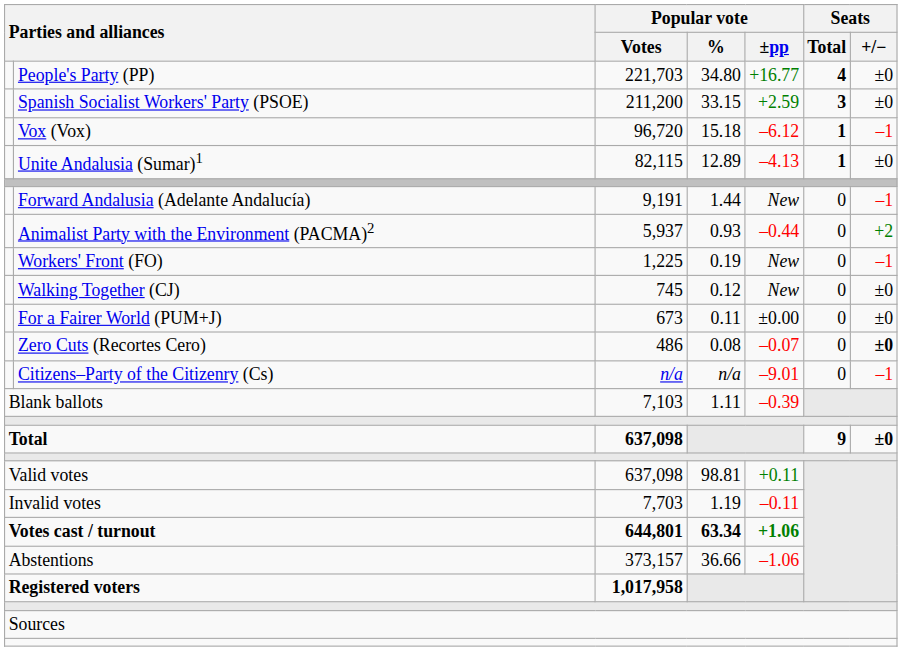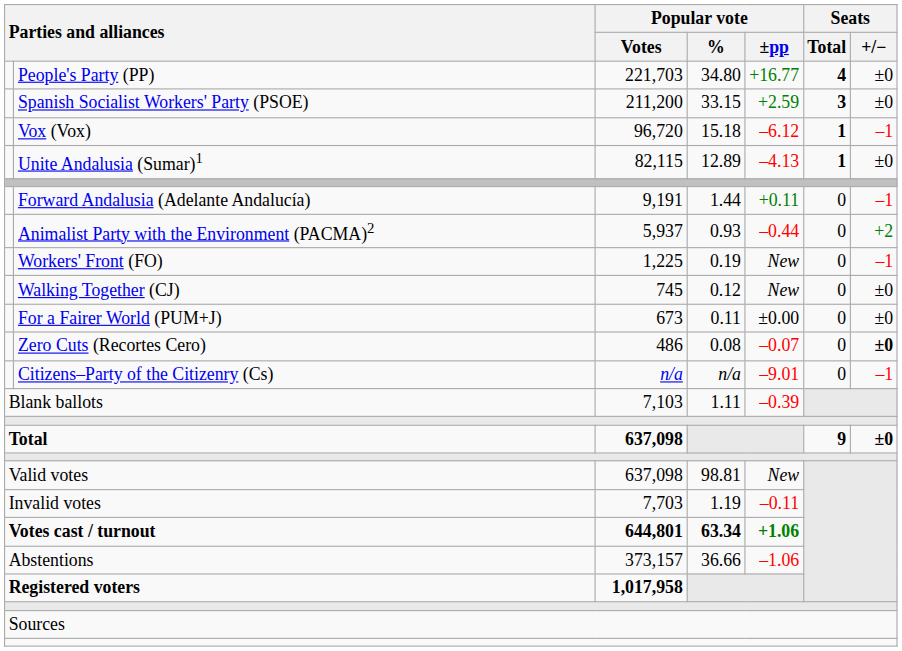 <table class="wikitable" style="text-align:right;">
 <tr>
 <th style="text-align:left;" rowspan="2" colspan="2" width="525">Parties and alliances</th>
 <th colspan="3">Popular vote</th>
 <th colspan="2">Seats</th>
 </tr>
 <tr>
 <th width="75">Votes</th>
 <th width="45">%</th>
 <th width="45">±<a href='#'>pp</a></th>
 <th width="35">Total</th>
 <th width="35">+/−</th>
 </tr>
 <tr>
 <td width="1" style="color:inherit;background:"></td>
 <td align="left"><a href='#'>People's Party</a> (PP)</td>
 <td>221,703</td>
 <td>34.80</td>
 <td style="color:green;">+16.77</td>
 <td><strong>4</strong></td>
 <td>±0</td>
 </tr>
 <tr>
 <td style="color:inherit;background:"></td>
 <td align="left"><a href='#'>Spanish Socialist Workers' Party</a> (PSOE)</td>
 <td>211,200</td>
 <td>33.15</td>
 <td style="color:green;">+2.59</td>
 <td><strong>3</strong></td>
 <td>±0</td>
 </tr>
 <tr>
 <td style="color:inherit;background:"></td>
 <td align="left"><a href='#'>Vox</a> (Vox)</td>
 <td>96,720</td>
 <td>15.18</td>
 <td style="color:red;">–6.12</td>
 <td><strong>1</strong></td>
 <td style="color:red;">–1</td>
 </tr>
 <tr>
 <td style="color:inherit;background:"></td>
 <td align="left"><a href='#'>Unite Andalusia</a> (Sumar)<sup>1</sup></td>
 <td>82,115</td>
 <td>12.89</td>
 <td style="color:red;">–4.13</td>
 <td><strong>1</strong></td>
 <td>±0</td>
 </tr>
 <tr>
 <td colspan="7" bgcolor="#C0C0C0"></td>
 </tr>
 <tr>
 <td style="color:inherit;background:"></td>
 <td align="left"><a href='#'>Forward Andalusia</a> (Adelante Andalucía)</td>
 <td>9,191</td>
 <td>1.44</td>
-<td><em>New</em></td>
+<td style="color:green;">+0.11</td>
 <td>0</td>
 <td style="color:red;">–1</td>
 </tr>
 <tr>
 <td style="color:inherit;background:"></td>
 <td align="left"><a href='#'>Animalist Party with the Environment</a> (PACMA)<sup>2</sup></td>
 <td>5,937</td>
 <td>0.93</td>
 <td style="color:red;">–0.44</td>
 <td>0</td>
 <td style="color:green;">+2</td>
 </tr>
 <tr>
 <td style="color:inherit;background:"></td>
 <td align="left"><a href='#'>Workers' Front</a> (FO)</td>
 <td>1,225</td>
 <td>0.19</td>
 <td><em>New</em></td>
 <td>0</td>
 <td style="color:red;">–1</td>
 </tr>
 <tr>
 <td style="color:inherit;background:"></td>
 <td align="left"><a href='#'>Walking Together</a> (CJ)</td>
 <td>745</td>
 <td>0.12</td>
 <td><em>New</em></td>
 <td>0</td>
 <td>±0</td>
 </tr>
 <tr>
 <td style="color:inherit;background:"></td>
 <td align="left"><a href='#'>For a Fairer World</a> (PUM+J)</td>
 <td>673</td>
 <td>0.11</td>
 <td>±0.00</td>
 <td>0</td>
 <td>±0</td>
 </tr>
 <tr>
 <td style="color:inherit;background:"></td>
 <td align="left"><a href='#'>Zero Cuts</a> (Recortes Cero)</td>
 <td>486</td>
 <td>0.08</td>
 <td style="color:red;">–0.07</td>
 <td>0</td>
 <td><strong>±0</strong></td>
 </tr>
 <tr>
 <td style="color:inherit;background:"></td>
 <td align="left"><a href='#'>Citizens–Party of the Citizenry</a> (Cs)</td>
 <td><em><a href='#'>n/a</a></em></td>
 <td><em>n/a</em></td>
 <td style="color:red;">–9.01</td>
 <td>0</td>
 <td style="color:red;">–1</td>
 </tr>
 <tr>
 <td align="left" colspan="2">Blank ballots</td>
 <td>7,103</td>
 <td>1.11</td>
 <td style="color:red;">–0.39</td>
 <td bgcolor="#E9E9E9" colspan="2"></td>
 </tr>
 <tr>
 <td colspan="7" bgcolor="#E9E9E9"></td>
 </tr>
 <tr style="font-weight:bold;">
 <td align="left" colspan="2">Total</td>
 <td>637,098</td>
 <td bgcolor="#E9E9E9" colspan="2"></td>
 <td>9</td>
 <td>±0</td>
 </tr>
 <tr>
 <td colspan="7" bgcolor="#E9E9E9"></td>
 </tr>
 <tr>
 <td align="left" colspan="2">Valid votes</td>
 <td>637,098</td>
 <td>98.81</td>
-<td style="color:green;">+0.11</td>
+<td><em>New</em></td>
 <td bgcolor="#E9E9E9" colspan="2" rowspan="5"></td>
 </tr>
 <tr>
 <td align="left" colspan="2">Invalid votes</td>
 <td>7,703</td>
 <td>1.19</td>
 <td style="color:red;">–0.11</td>
 </tr>
 <tr style="font-weight:bold;">
 <td align="left" colspan="2">Votes cast / turnout</td>
 <td>644,801</td>
 <td>63.34</td>
 <td style="color:green;">+1.06</td>
 </tr>
 <tr>
 <td align="left" colspan="2">Abstentions</td>
 <td>373,157</td>
 <td>36.66</td>
 <td style="color:red;">–1.06</td>
 </tr>
 <tr style="font-weight:bold;">
 <td align="left" colspan="2">Registered voters</td>
 <td>1,017,958</td>
 <td bgcolor="#E9E9E9" colspan="2"></td>
 </tr>
 <tr>
 <td colspan="7" bgcolor="#E9E9E9"></td>
 </tr>
 <tr>
 <td align="left" colspan="7">Sources</td>
 </tr>
 <tr>
 <td colspan="7" style="text-align:left; max-width:790px;"></td>
 </tr>
 </table>
